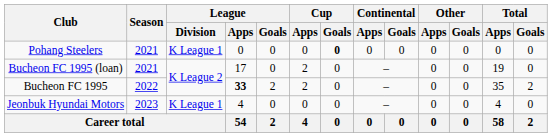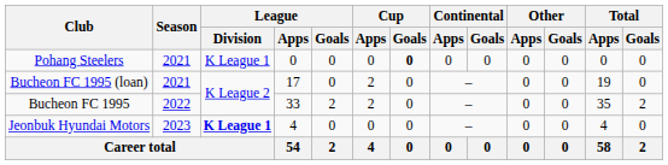 <table class="wikitable" style="text-align: center">
 <tr>
 <th rowspan="2">Club</th>
 <th rowspan="2">Season</th>
 <th colspan="3">League</th>
 <th colspan="2">Cup</th>
 <th colspan="2">Continental</th>
 <th colspan="2">Other</th>
 <th colspan="2">Total</th>
 </tr>
 <tr>
 <th>Division</th>
 <th>Apps</th>
 <th>Goals</th>
 <th>Apps</th>
 <th>Goals</th>
 <th>Apps</th>
 <th>Goals</th>
 <th>Apps</th>
 <th>Goals</th>
 <th>Apps</th>
 <th>Goals</th>
 </tr>
 <tr>
 <td><a href='#'>Pohang Steelers</a></td>
 <td><a href='#'>2021</a></td>
 <td><a href='#'>K League 1</a></td>
 <td>0</td>
 <td>0</td>
 <td>0</td>
 <td><strong>0</strong></td>
 <td>0</td>
 <td>0</td>
 <td>0</td>
 <td>0</td>
 <td>0</td>
 <td>0</td>
 </tr>
 <tr>
 <td><a href='#'>Bucheon FC 1995</a> (loan)</td>
 <td><a href='#'>2021</a></td>
 <td rowspan=2><a href='#'>K League 2</a></td>
 <td>17</td>
 <td>0</td>
 <td>2</td>
 <td>0</td>
 <td colspan="2">–</td>
 <td>0</td>
 <td>0</td>
 <td>19</td>
 <td>0</td>
 </tr>
 <tr>
 <td>Bucheon FC 1995</td>
 <td><a href='#'>2022</a></td>
-<td><strong>33</strong></td>
+<td>33</td>
 <td>2</td>
 <td>2</td>
 <td>0</td>
 <td colspan="2">–</td>
 <td>0</td>
 <td>0</td>
 <td>35</td>
 <td>2</td>
 </tr>
 <tr>
 <td><a href='#'>Jeonbuk Hyundai Motors</a></td>
 <td><a href='#'>2023</a></td>
-<td><a href='#'>K League 1</a></td>
+<td><strong><a href='#'>K League 1</a></strong></td>
 <td>4</td>
 <td>0</td>
 <td>0</td>
 <td>0</td>
 <td colspan="2">–</td>
 <td>0</td>
 <td>0</td>
 <td>4</td>
 <td>0</td>
 </tr>
 <tr>
 <th colspan=3>Career total</th>
 <th>54</th>
 <th>2</th>
 <th>4</th>
 <th>0</th>
 <th>0</th>
 <th>0</th>
 <th>0</th>
 <th>0</th>
 <th>58</th>
 <th>2</th>
 </tr>
 </table>
